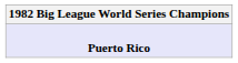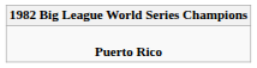 <table class="wikitable" style="text-align: center; margin: 0 auto;">
 <tr>
 <th>1982 Big League World Series Champions</th>
 </tr>
 <tr>
-<td style="background: lavender;"><br><strong>Puerto Rico</strong></td>
+<td><br><strong>Puerto Rico</strong></td>
 </tr>
 </table>
